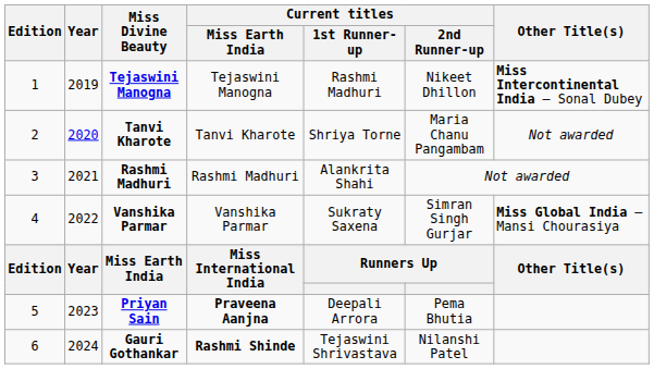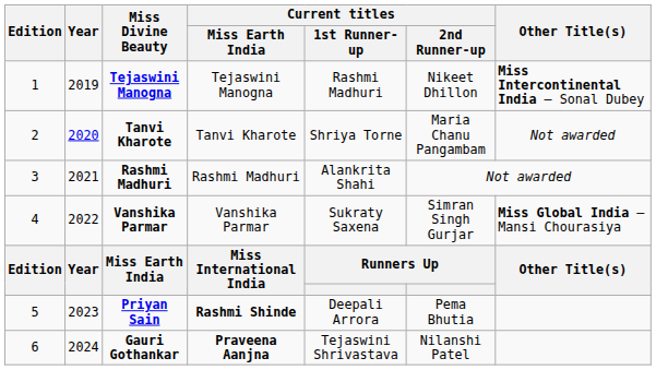 <table class="wikitable" style="text-align:center;font-size:95%; width:100%;">
 <tr>
 <th rowspan="2">Edition</th>
 <th rowspan="2">Year</th>
 <th rowspan="2">Miss Divine Beauty</th>
 <th colspan="3">Current titles</th>
 <th rowspan="2">Other Title(s)</th>
 </tr>
 <tr>
 <th>Miss Earth India</th>
 <th>1st Runner-up</th>
 <th>2nd Runner-up</th>
 </tr>
 <tr>
 <td>1</td>
 <td>2019</td>
 <td><strong><a href='#'>Tejaswini Manogna</a></strong></td>
 <td>Tejaswini Manogna</td>
 <td>Rashmi Madhuri</td>
 <td>Nikeet Dhillon</td>
 <td style="text-align:left;"><strong>Miss Intercontinental India</strong> – Sonal Dubey</td>
 </tr>
 <tr>
 <td>2</td>
 <td><a href='#'>2020</a></td>
 <td><strong>Tanvi Kharote</strong></td>
 <td>Tanvi Kharote</td>
 <td>Shriya Torne</td>
 <td>Maria Chanu Pangambam</td>
 <td><em>Not awarded</em></td>
 </tr>
 <tr>
 <td>3</td>
 <td>2021</td>
 <td><strong>Rashmi Madhuri</strong></td>
 <td>Rashmi Madhuri</td>
 <td>Alankrita Shahi</td>
 <td colspan=2><em>Not awarded</em></td>
 </tr>
 <tr>
 <td>4</td>
 <td>2022</td>
 <td><strong>Vanshika Parmar</strong></td>
 <td>Vanshika Parmar</td>
 <td>Sukraty Saxena</td>
 <td>Simran Singh Gurjar</td>
 <td style="text-align:left;"><strong>Miss Global India</strong> – Mansi Chourasiya</td>
 </tr>
 <tr>
 <th rowspan="2">Edition</th>
 <th rowspan="2">Year</th>
 <th rowspan="2">Miss Earth India</th>
 <th rowspan="2">Miss International India</th>
 <th colspan="2">Runners Up</th>
 <th rowspan="2">Other Title(s)</th>
 </tr>
 <tr>
 <th></th>
 <th></th>
 </tr>
 <tr>
 <td>5</td>
 <td>2023</td>
 <td><strong><a href='#'>Priyan Sain</a></strong></td>
-<td><strong> Praveena Aanjna</strong></td>
+<td><strong>Rashmi Shinde</strong></td>
 <td>Deepali Arrora</td>
 <td>Pema Bhutia</td>
 <td></td>
 </tr>
 <tr>
 <td>6</td>
 <td>2024</td>
 <td><strong>Gauri Gothankar</strong></td>
-<td><strong>Rashmi Shinde</strong></td>
+<td><strong> Praveena Aanjna</strong></td>
 <td>Tejaswini Shrivastava</td>
 <td>Nilanshi Patel</td>
 <td></td>
 </tr>
 </table>
